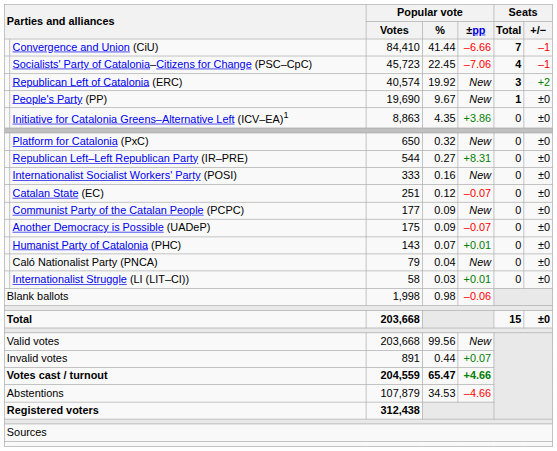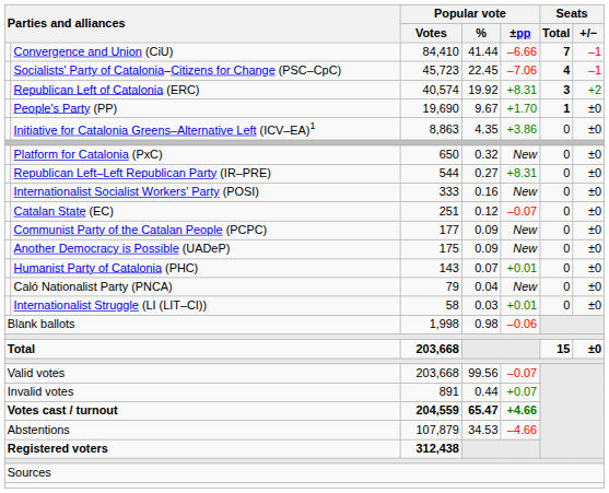 <table class="wikitable" style="text-align:right;">
 <tr>
 <th style="text-align:left;" rowspan="2" colspan="2" width="525">Parties and alliances</th>
 <th colspan="3">Popular vote</th>
 <th colspan="2">Seats</th>
 </tr>
 <tr>
 <th width="75">Votes</th>
 <th width="45">%</th>
 <th width="45">±<a href='#'>pp</a></th>
 <th width="35">Total</th>
 <th width="35">+/−</th>
 </tr>
 <tr>
 <td width="1" style="color:inherit;background:"></td>
 <td align="left"><a href='#'>Convergence and Union</a> (CiU)</td>
 <td>84,410</td>
 <td>41.44</td>
 <td style="color:red;">–6.66</td>
 <td><strong>7</strong></td>
 <td style="color:red;">–1</td>
 </tr>
 <tr>
 <td style="color:inherit;background:"></td>
 <td align="left"><a href='#'>Socialists' Party of Catalonia</a>–<a href='#'>Citizens for Change</a> (PSC–CpC)</td>
 <td>45,723</td>
 <td>22.45</td>
 <td style="color:red;">–7.06</td>
 <td><strong>4</strong></td>
 <td style="color:red;">–1</td>
 </tr>
 <tr>
 <td style="color:inherit;background:"></td>
 <td align="left"><a href='#'>Republican Left of Catalonia</a> (ERC)</td>
 <td>40,574</td>
 <td>19.92</td>
-<td><em>New</em></td>
+<td style="color:green;">+8.31</td>
 <td><strong>3</strong></td>
 <td style="color:green;">+2</td>
 </tr>
 <tr>
 <td style="color:inherit;background:"></td>
 <td align="left"><a href='#'>People's Party</a> (PP)</td>
 <td>19,690</td>
 <td>9.67</td>
-<td><em>New</em></td>
+<td style="color:green;">+1.70</td>
 <td><strong>1</strong></td>
 <td>±0</td>
 </tr>
 <tr>
 <td style="color:inherit;background:"></td>
 <td align="left"><a href='#'>Initiative for Catalonia Greens–Alternative Left</a> (ICV–EA)<sup>1</sup></td>
 <td>8,863</td>
 <td>4.35</td>
 <td style="color:green;">+3.86</td>
 <td>0</td>
 <td>±0</td>
 </tr>
 <tr>
 <td colspan="7" bgcolor="#C0C0C0"></td>
 </tr>
 <tr>
 <td style="color:inherit;background:"></td>
 <td align="left"><a href='#'>Platform for Catalonia</a> (PxC)</td>
 <td>650</td>
 <td>0.32</td>
 <td><em>New</em></td>
 <td>0</td>
 <td>±0</td>
 </tr>
 <tr>
 <td style="color:inherit;background:"></td>
 <td align="left"><a href='#'>Republican Left–Left Republican Party</a> (IR–PRE)</td>
 <td>544</td>
 <td>0.27</td>
 <td style="color:green;">+8.31</td>
 <td>0</td>
 <td>±0</td>
 </tr>
 <tr>
 <td style="color:inherit;background:"></td>
 <td align="left"><a href='#'>Internationalist Socialist Workers' Party</a> (POSI)</td>
 <td>333</td>
 <td>0.16</td>
 <td><em>New</em></td>
 <td>0</td>
 <td>±0</td>
 </tr>
 <tr>
 <td style="color:inherit;background:"></td>
 <td align="left"><a href='#'>Catalan State</a> (EC)</td>
 <td>251</td>
 <td>0.12</td>
 <td style="color:red;">–0.07</td>
 <td>0</td>
 <td>±0</td>
 </tr>
 <tr>
 <td style="color:inherit;background:"></td>
 <td align="left"><a href='#'>Communist Party of the Catalan People</a> (PCPC)</td>
 <td>177</td>
 <td>0.09</td>
 <td><em>New</em></td>
 <td>0</td>
 <td>±0</td>
 </tr>
 <tr>
 <td style="color:inherit;background:"></td>
 <td align="left"><a href='#'>Another Democracy is Possible</a> (UADeP)</td>
 <td>175</td>
 <td>0.09</td>
-<td style="color:red;">–0.07</td>
+<td><em>New</em></td>
 <td>0</td>
 <td>±0</td>
 </tr>
 <tr>
 <td style="color:inherit;background:"></td>
 <td align="left"><a href='#'>Humanist Party of Catalonia</a> (PHC)</td>
 <td>143</td>
 <td>0.07</td>
 <td style="color:green;">+0.01</td>
 <td>0</td>
 <td>±0</td>
 </tr>
 <tr>
 <td style="color:inherit;background:"></td>
 <td align="left">Caló Nationalist Party (PNCA)</td>
 <td>79</td>
 <td>0.04</td>
 <td><em>New</em></td>
 <td>0</td>
 <td>±0</td>
 </tr>
 <tr>
 <td style="color:inherit;background:"></td>
 <td align="left"><a href='#'>Internationalist Struggle</a> (LI (LIT–CI))</td>
 <td>58</td>
 <td>0.03</td>
 <td style="color:green;">+0.01</td>
 <td>0</td>
 <td>±0</td>
 </tr>
 <tr>
 <td align="left" colspan="2">Blank ballots</td>
 <td>1,998</td>
 <td>0.98</td>
 <td style="color:red;">–0.06</td>
 <td bgcolor="#E9E9E9" colspan="2"></td>
 </tr>
 <tr>
 <td colspan="7" bgcolor="#E9E9E9"></td>
 </tr>
 <tr style="font-weight:bold;">
 <td align="left" colspan="2">Total</td>
 <td>203,668</td>
 <td bgcolor="#E9E9E9" colspan="2"></td>
 <td>15</td>
 <td>±0</td>
 </tr>
 <tr>
 <td colspan="7" bgcolor="#E9E9E9"></td>
 </tr>
 <tr>
 <td align="left" colspan="2">Valid votes</td>
 <td>203,668</td>
 <td>99.56</td>
-<td><em>New</em></td>
+<td style="color:red;">–0.07</td>
 <td bgcolor="#E9E9E9" colspan="2" rowspan="5"></td>
 </tr>
 <tr>
 <td align="left" colspan="2">Invalid votes</td>
 <td>891</td>
 <td>0.44</td>
 <td style="color:green;">+0.07</td>
 </tr>
 <tr style="font-weight:bold;">
 <td align="left" colspan="2">Votes cast / turnout</td>
 <td>204,559</td>
 <td>65.47</td>
 <td style="color:green;">+4.66</td>
 </tr>
 <tr>
 <td align="left" colspan="2">Abstentions</td>
 <td>107,879</td>
 <td>34.53</td>
 <td style="color:red;">–4.66</td>
 </tr>
 <tr style="font-weight:bold;">
 <td align="left" colspan="2">Registered voters</td>
 <td>312,438</td>
 <td bgcolor="#E9E9E9" colspan="2"></td>
 </tr>
 <tr>
 <td colspan="7" bgcolor="#E9E9E9"></td>
 </tr>
 <tr>
 <td align="left" colspan="7">Sources</td>
 </tr>
 <tr>
 <td colspan="7" style="text-align:left; max-width:790px;"></td>
 </tr>
 </table>
